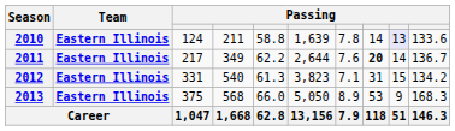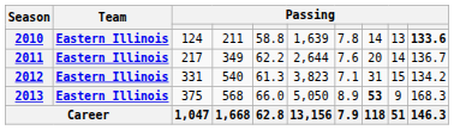 <table class="wikitable" style="text-align:center;">
 <tr>
 <th rowspan="2">Season</th>
 <th rowspan="2">Team</th>
 <th colspan="8">Passing</th>
 </tr>
 <tr>
 <th></th>
 <th></th>
 <th></th>
 <th></th>
 <th></th>
 <th></th>
 <th></th>
 <th></th>
 </tr>
 <tr>
 <th><a href='#'>2010</a></th>
 <th><a href='#'>Eastern Illinois</a></th>
 <td>124</td>
 <td>211</td>
 <td>58.8</td>
 <td>1,639</td>
 <td>7.8</td>
 <td>14</td>
-<td style="background: lavender;">13</td>
-<td>133.6</td>
+<td>13</td>
+<td><strong>133.6</strong></td>
 </tr>
 <tr>
 <th><a href='#'>2011</a></th>
 <th><a href='#'>Eastern Illinois</a></th>
 <td>217</td>
 <td>349</td>
 <td>62.2</td>
 <td>2,644</td>
 <td>7.6</td>
-<td><strong>20</strong></td>
+<td>20</td>
 <td>14</td>
 <td>136.7</td>
 </tr>
 <tr>
 <th><a href='#'>2012</a></th>
 <th><a href='#'>Eastern Illinois</a></th>
 <td>331</td>
 <td>540</td>
 <td>61.3</td>
 <td>3,823</td>
 <td>7.1</td>
 <td>31</td>
 <td>15</td>
 <td>134.2</td>
 </tr>
 <tr>
 <th><a href='#'>2013</a></th>
 <th><a href='#'>Eastern Illinois</a></th>
 <td>375</td>
 <td>568</td>
 <td>66.0</td>
 <td>5,050</td>
 <td>8.9</td>
-<td>53</td>
+<td><strong>53</strong></td>
 <td>9</td>
 <td>168.3</td>
 </tr>
 <tr>
 <th colspan="2">Career</th>
 <th>1,047</th>
 <th>1,668</th>
 <th>62.8</th>
 <th>13,156</th>
 <th>7.9</th>
 <th>118</th>
 <th>51</th>
 <th>146.3</th>
 </tr>
 </table>
